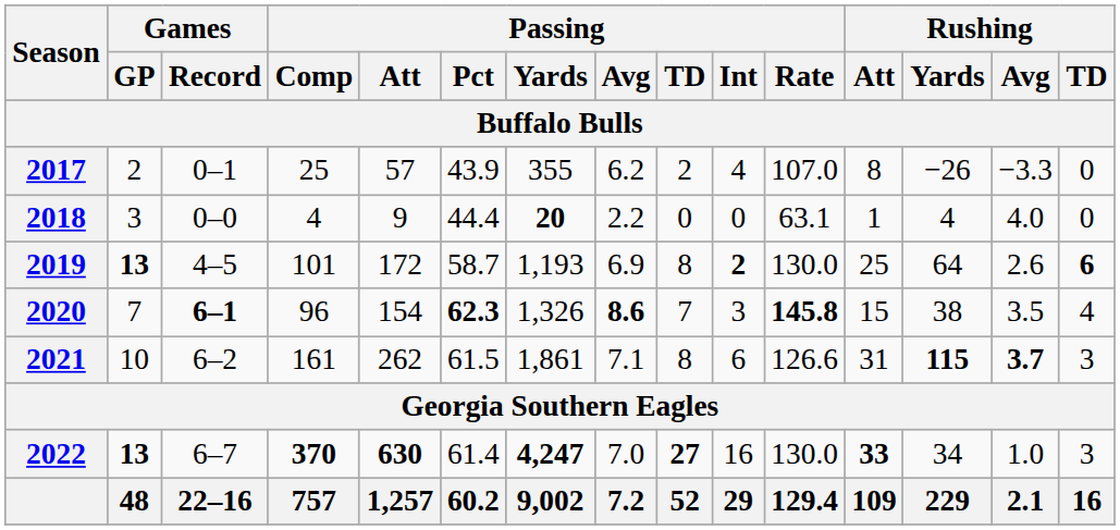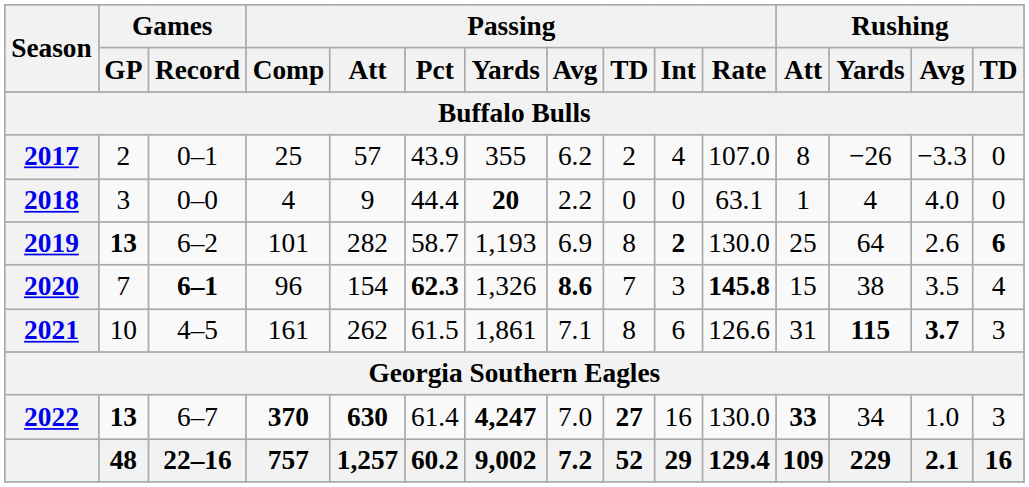 <table class="wikitable" style="text-align:center;">
 <tr>
 <th rowspan="2">Season</th>
 <th colspan="2">Games</th>
 <th colspan="8">Passing</th>
 <th colspan="4">Rushing</th>
 </tr>
 <tr>
 <th>GP</th>
 <th>Record</th>
 <th>Comp</th>
 <th>Att</th>
 <th>Pct</th>
 <th>Yards</th>
 <th>Avg</th>
 <th>TD</th>
 <th>Int</th>
 <th>Rate</th>
 <th>Att</th>
 <th>Yards</th>
 <th>Avg</th>
 <th>TD</th>
 </tr>
 <tr>
 <th colspan="16">Buffalo Bulls</th>
 </tr>
 <tr>
 <th><a href='#'>2017</a></th>
 <td>2</td>
 <td>0–1</td>
 <td>25</td>
 <td>57</td>
 <td>43.9</td>
 <td>355</td>
 <td>6.2</td>
 <td>2</td>
 <td>4</td>
 <td>107.0</td>
 <td>8</td>
 <td>−26</td>
 <td>−3.3</td>
 <td>0</td>
 </tr>
 <tr>
 <th><a href='#'>2018</a></th>
 <td>3</td>
 <td>0–0</td>
 <td>4</td>
 <td>9</td>
 <td>44.4</td>
 <td><strong>20</strong></td>
 <td>2.2</td>
 <td>0</td>
 <td>0</td>
 <td>63.1</td>
 <td>1</td>
 <td>4</td>
 <td>4.0</td>
 <td>0</td>
 </tr>
 <tr>
 <th><a href='#'>2019</a></th>
 <td><strong>13</strong></td>
-<td>4–5</td>
+<td>6–2</td>
 <td>101</td>
-<td>172</td>
+<td>282</td>
 <td>58.7</td>
 <td>1,193</td>
 <td>6.9</td>
 <td>8</td>
 <td><strong>2</strong></td>
 <td>130.0</td>
 <td>25</td>
 <td>64</td>
 <td>2.6</td>
 <td><strong>6</strong></td>
 </tr>
 <tr>
 <th><a href='#'>2020</a></th>
 <td>7</td>
 <td><strong>6–1</strong></td>
 <td>96</td>
 <td>154</td>
 <td><strong>62.3</strong></td>
 <td>1,326</td>
 <td><strong>8.6</strong></td>
 <td>7</td>
 <td>3</td>
 <td><strong>145.8</strong></td>
 <td>15</td>
 <td>38</td>
 <td>3.5</td>
 <td>4</td>
 </tr>
 <tr>
 <th><a href='#'>2021</a></th>
 <td>10</td>
-<td>6–2</td>
+<td>4–5</td>
 <td>161</td>
 <td>262</td>
 <td>61.5</td>
 <td>1,861</td>
 <td>7.1</td>
 <td>8</td>
 <td>6</td>
 <td>126.6</td>
 <td>31</td>
 <td><strong>115</strong></td>
 <td><strong>3.7</strong></td>
 <td>3</td>
 </tr>
 <tr>
 <th colspan="16">Georgia Southern Eagles</th>
 </tr>
 <tr>
 <th><a href='#'>2022</a></th>
 <td><strong>13</strong></td>
 <td>6–7</td>
 <td><strong>370</strong></td>
 <td><strong>630</strong></td>
 <td>61.4</td>
 <td><strong>4,247</strong></td>
 <td>7.0</td>
 <td><strong>27</strong></td>
 <td>16</td>
 <td>130.0</td>
 <td><strong>33</strong></td>
 <td>34</td>
 <td>1.0</td>
 <td>3</td>
 </tr>
 <tr>
 <th></th>
 <th>48</th>
 <th>22–16</th>
 <th>757</th>
 <th>1,257</th>
 <th>60.2</th>
 <th>9,002</th>
 <th>7.2</th>
 <th>52</th>
 <th>29</th>
 <th>129.4</th>
 <th>109</th>
 <th>229</th>
 <th>2.1</th>
 <th>16</th>
 </tr>
 </table>
